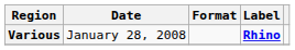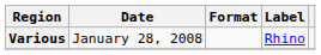 <table class="wikitable plainrowheaders">
 <tr>
 <th scope="col">Region</th>
 <th scope="col">Date</th>
 <th scope="col">Format</th>
 <th scope="col">Label</th>
 <th scope="col"></th>
 </tr>
 <tr>
 <th scope="row">Various</th>
 <td>January 28, 2008</td>
 <td></td>
-<td><strong><a href='#'>Rhino</a></strong></td>
+<td><a href='#'>Rhino</a></td>
 <td style="text-align:center;"></td>
 </tr>
 <tr>
 </tr>
 </table>
